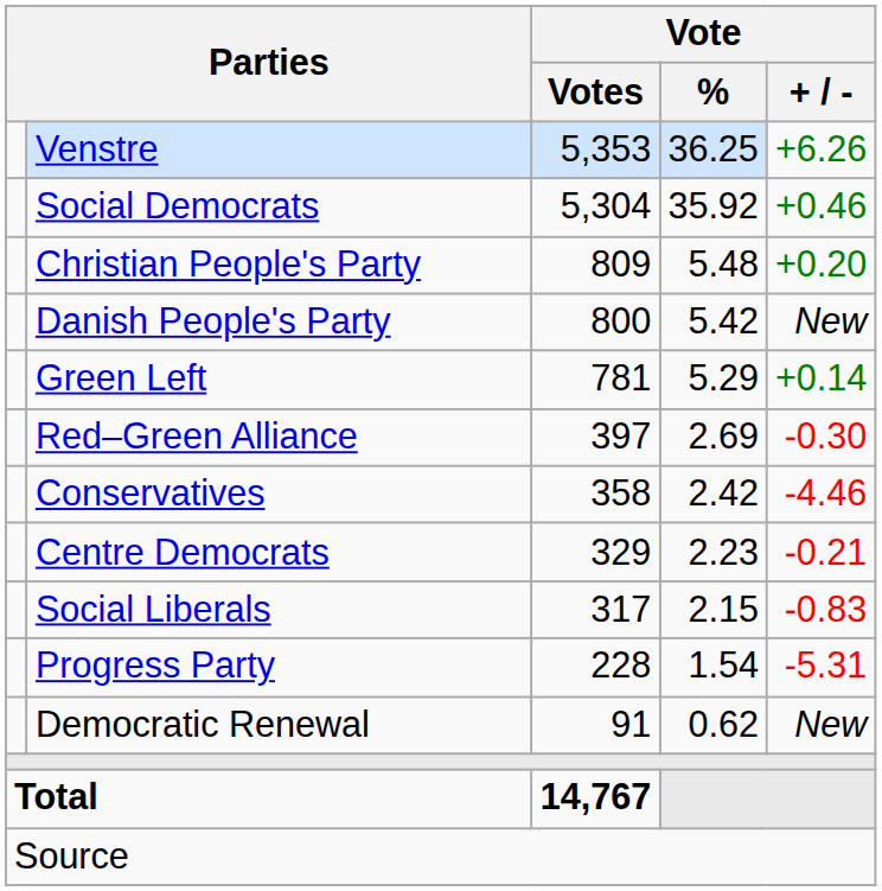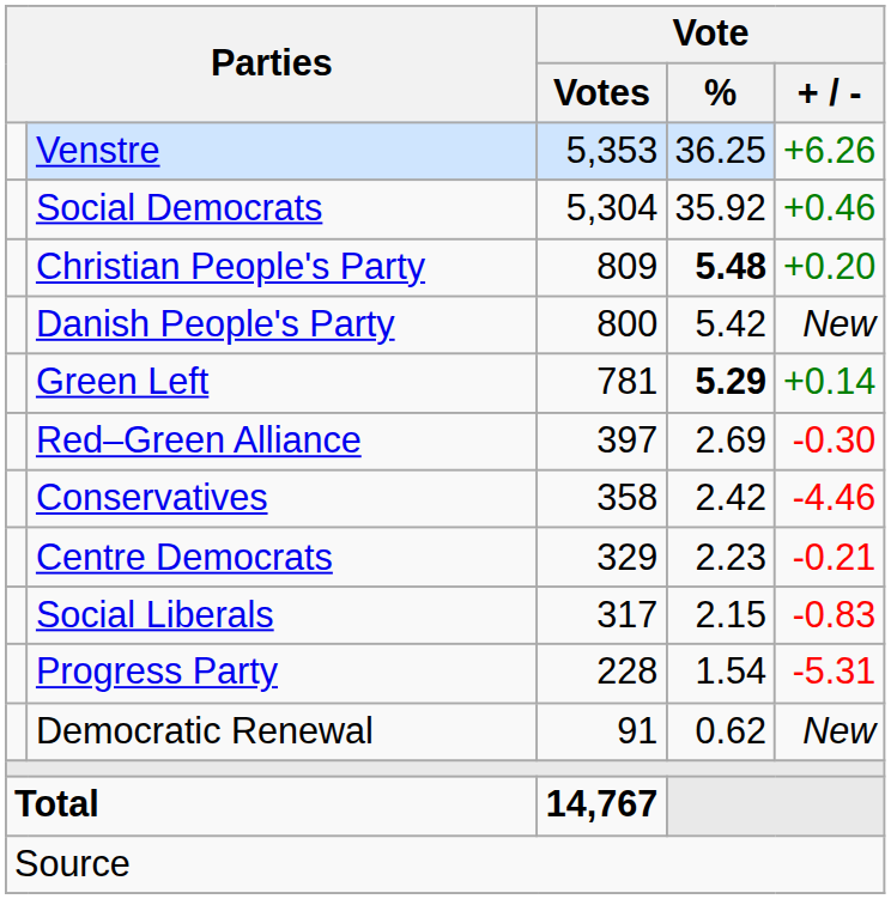 <table class="wikitable" style="text-align:right;">
 <tr>
 <th style="text-align:centre;" rowspan="2" colspan="2" width="225">Parties</th>
 <th colspan="3">Vote</th>
 </tr>
 <tr>
 <th width="15">Votes</th>
 <th width="15">%</th>
 <th width="15">+ / -</th>
 </tr>
 <tr>
 <td width="2" style="color:inherit;background:"></td>
 <td bgcolor=#cfe5fe  align="left"><a href='#'>Venstre</a></td>
 <td bgcolor=#cfe5fe>5,353</td>
 <td bgcolor=#cfe5fe>36.25</td>
 <td style=color:green;>+6.26</td>
 </tr>
 <tr>
 <td width="2" style="color:inherit;background:"></td>
 <td align="left"><a href='#'>Social Democrats</a></td>
 <td>5,304</td>
 <td>35.92</td>
 <td style=color:green;>+0.46</td>
 </tr>
 <tr>
 <td width="2" style="color:inherit;background:"></td>
 <td align="left"><a href='#'>Christian People's Party</a></td>
 <td>809</td>
-<td>5.48</td>
+<td><strong>5.48</strong></td>
 <td style=color:green;>+0.20</td>
 </tr>
 <tr>
 <td width="2" style="color:inherit;background:"></td>
 <td align="left"><a href='#'>Danish People's Party</a></td>
 <td>800</td>
 <td>5.42</td>
 <td><em>New</em></td>
 </tr>
 <tr>
 <td width="2" style="color:inherit;background:"></td>
 <td align="left"><a href='#'>Green Left</a></td>
 <td>781</td>
-<td>5.29</td>
+<td><strong>5.29</strong></td>
 <td style=color:green;>+0.14</td>
 </tr>
 <tr>
 <td width="2" style="color:inherit;background:"></td>
 <td align="left"><a href='#'>Red–Green Alliance</a></td>
 <td>397</td>
 <td>2.69</td>
 <td style=color:red;>-0.30</td>
 </tr>
 <tr>
 <td width="2" style="color:inherit;background:"></td>
 <td align="left"><a href='#'>Conservatives</a></td>
 <td>358</td>
 <td>2.42</td>
 <td style=color:red;>-4.46</td>
 </tr>
 <tr>
 <td width="2" style="color:inherit;background:"></td>
 <td align="left"><a href='#'>Centre Democrats</a></td>
 <td>329</td>
 <td>2.23</td>
 <td style=color:red;>-0.21</td>
 </tr>
 <tr>
 <td width="2" style="color:inherit;background:"></td>
 <td align="left"><a href='#'>Social Liberals</a></td>
 <td>317</td>
 <td>2.15</td>
 <td style=color:red;>-0.83</td>
 </tr>
 <tr>
 <td width="2" style="color:inherit;background:"></td>
 <td align="left"><a href='#'>Progress Party</a></td>
 <td>228</td>
 <td>1.54</td>
 <td style=color:red;>-5.31</td>
 </tr>
 <tr>
 <td width="2" style="color:inherit;background:"></td>
 <td align="left">Democratic Renewal</td>
 <td>91</td>
 <td>0.62</td>
 <td><em>New</em></td>
 </tr>
 <tr>
 <td colspan="7" bgcolor="#E9E9E9"></td>
 </tr>
 <tr>
 <td align="left" colspan="2"><strong>Total</strong></td>
 <td><strong>14,767</strong></td>
 <td bgcolor="#E9E9E9" colspan="2"></td>
 </tr>
 <tr>
 <td align="left" colspan="6">Source</td>
 </tr>
 </table>
